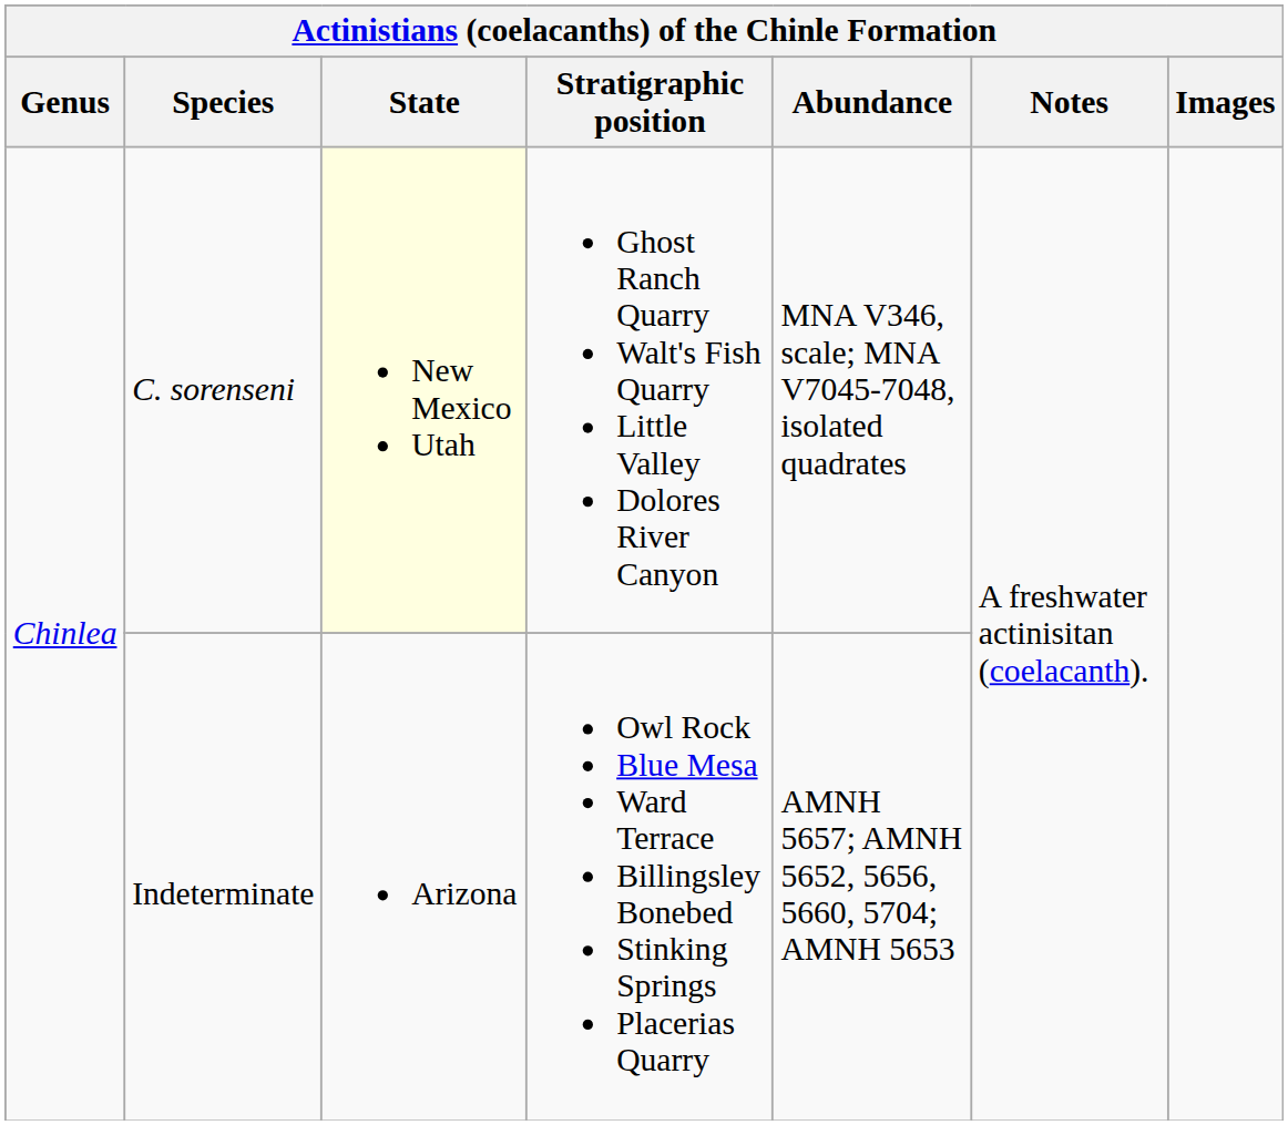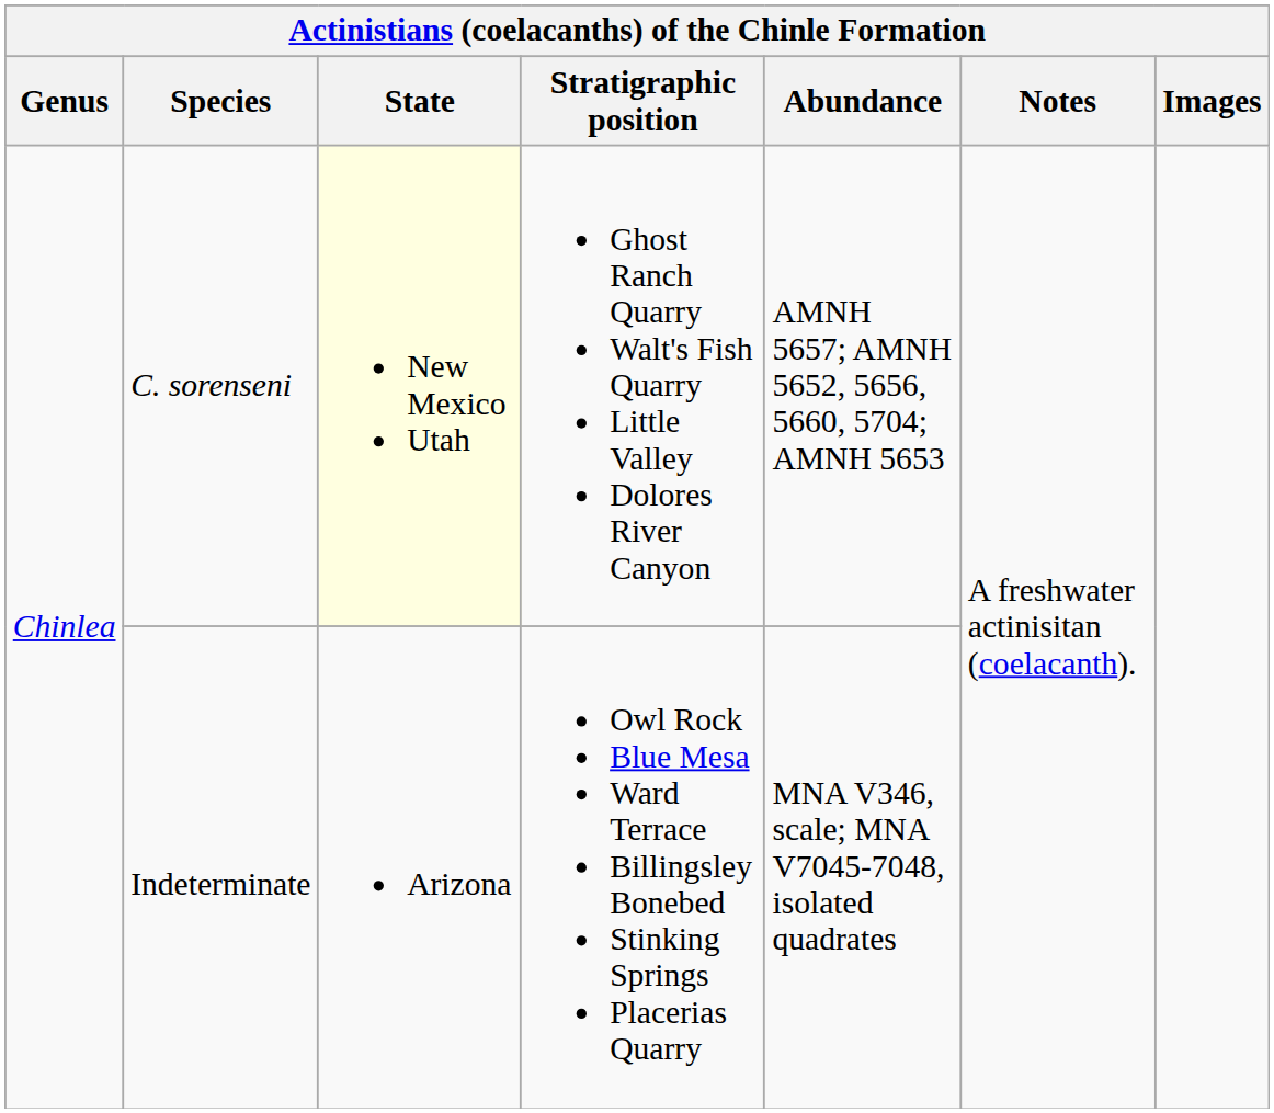 <table class="wikitable" align="center" width="100%">
 <tr>
 <th colspan="7" align="center"><strong><a href='#'>Actinistians</a> (coelacanths) of the Chinle Formation</strong></th>
 </tr>
 <tr>
 <th>Genus</th>
 <th>Species</th>
 <th>State</th>
 <th>Stratigraphic position</th>
 <th>Abundance</th>
 <th>Notes</th>
 <th>Images</th>
 </tr>
 <tr>
 <td rowspan="2"><em><a href='#'>Chinlea</a></em></td>
 <td><em>C. sorenseni</em></td>
 <td style="background: lightyellow;"><br><ul><li>New Mexico</li><li>Utah</li></ul></td>
 <td><br><ul><li>Ghost Ranch Quarry</li><li>Walt's Fish Quarry</li><li>Little Valley</li><li>Dolores River Canyon</li></ul></td>
-<td>MNA V346, scale; MNA V7045-7048, isolated quadrates</td>
+<td>AMNH 5657; AMNH 5652, 5656, 5660, 5704; AMNH 5653</td>
 <td rowspan="2">A freshwater actinisitan (<a href='#'>coelacanth</a>).</td>
 <td rowspan="2"></td>
 </tr>
 <tr>
 <td><br>Indeterminate</td>
 <td><br><ul><li>Arizona</li></ul></td>
 <td><br><ul><li>Owl Rock</li><li><a href='#'>Blue Mesa</a></li><li>Ward Terrace</li><li>Billingsley Bonebed</li><li>Stinking Springs</li><li>Placerias Quarry</li></ul></td>
-<td>AMNH 5657; AMNH 5652, 5656, 5660, 5704; AMNH 5653</td>
+<td>MNA V346, scale; MNA V7045-7048, isolated quadrates</td>
 </tr>
 </table>
